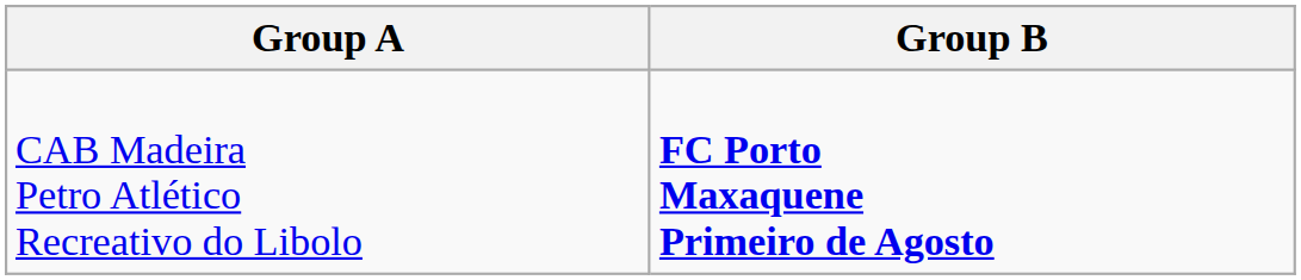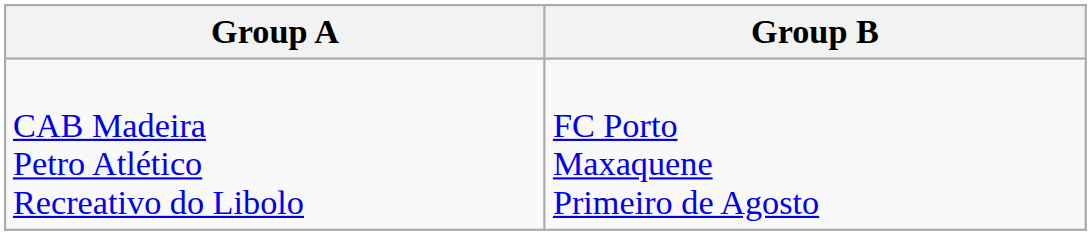 <table class="wikitable" width=40%>
 <tr>
 <th width=25%>Group A</th>
 <th width=25%>Group B</th>
 </tr>
 <tr>
 <td><br> <a href='#'>CAB Madeira</a><br>  <a href='#'>Petro Atlético</a><br>  <a href='#'>Recreativo do Libolo</a></td>
-<td><strong><br> <a href='#'>FC Porto</a><br>  <a href='#'>Maxaquene</a><br>  <a href='#'>Primeiro de Agosto</a></strong></td>
+<td><br> <a href='#'>FC Porto</a><br>  <a href='#'>Maxaquene</a><br>  <a href='#'>Primeiro de Agosto</a></td>
 </tr>
 </table>
